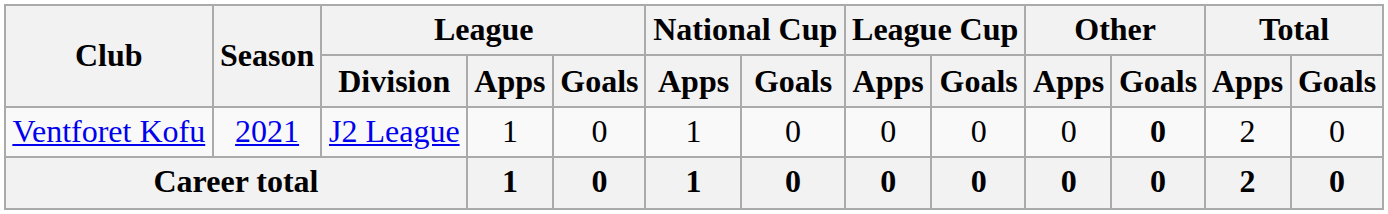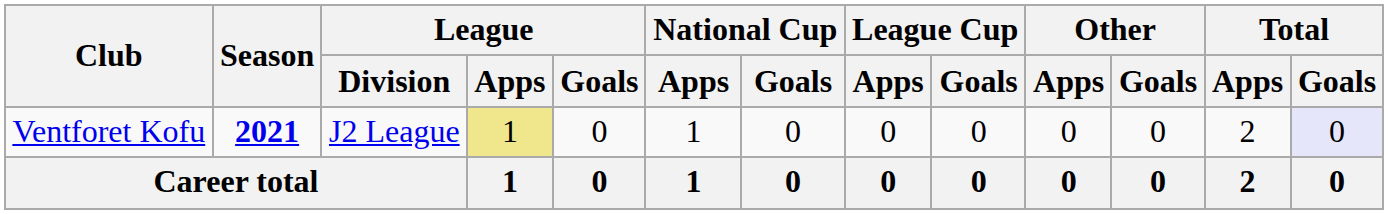 <table class="wikitable" style="text-align: center">
 <tr>
 <th rowspan="2">Club</th>
 <th rowspan="2">Season</th>
 <th colspan="3">League</th>
 <th colspan="2">National Cup</th>
 <th colspan="2">League Cup</th>
 <th colspan="2">Other</th>
 <th colspan="2">Total</th>
 </tr>
 <tr>
 <th>Division</th>
 <th>Apps</th>
 <th>Goals</th>
 <th>Apps</th>
 <th>Goals</th>
 <th>Apps</th>
 <th>Goals</th>
 <th>Apps</th>
 <th>Goals</th>
 <th>Apps</th>
 <th>Goals</th>
 </tr>
 <tr>
 <td><a href='#'>Ventforet Kofu</a></td>
-<td><a href='#'>2021</a></td>
+<td><strong><a href='#'>2021</a></strong></td>
 <td><a href='#'>J2 League</a></td>
-<td>1</td>
+<td style="background: khaki;">1</td>
 <td>0</td>
 <td>1</td>
 <td>0</td>
 <td>0</td>
 <td>0</td>
 <td>0</td>
-<td><strong>0</strong></td>
+<td>0</td>
 <td>2</td>
-<td>0</td>
+<td style="background: lavender;">0</td>
 </tr>
 <tr>
 <th colspan=3>Career total</th>
 <th>1</th>
 <th>0</th>
 <th>1</th>
 <th>0</th>
 <th>0</th>
 <th>0</th>
 <th>0</th>
 <th>0</th>
 <th>2</th>
 <th>0</th>
 </tr>
 </table>
